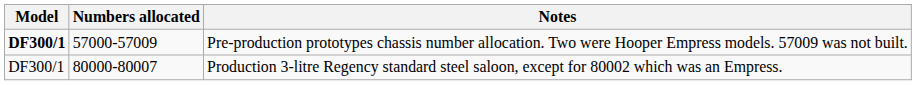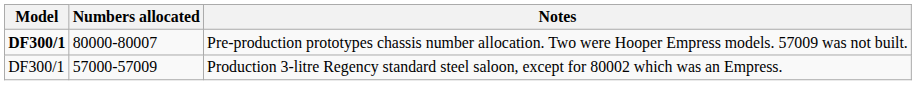 <table class="wikitable">
 <tr>
 <th>Model</th>
 <th>Numbers allocated</th>
 <th>Notes</th>
 </tr>
 <tr>
 <td><strong>DF300/1</strong></td>
-<td>57000-57009</td>
+<td>80000-80007</td>
 <td>Pre-production prototypes chassis number allocation. Two were Hooper Empress models. 57009 was not built.</td>
 </tr>
 <tr>
 <td>DF300/1</td>
-<td>80000-80007</td>
+<td>57000-57009</td>
 <td>Production 3-litre Regency standard steel saloon, except for 80002 which was an Empress.</td>
 </tr>
 </table>
